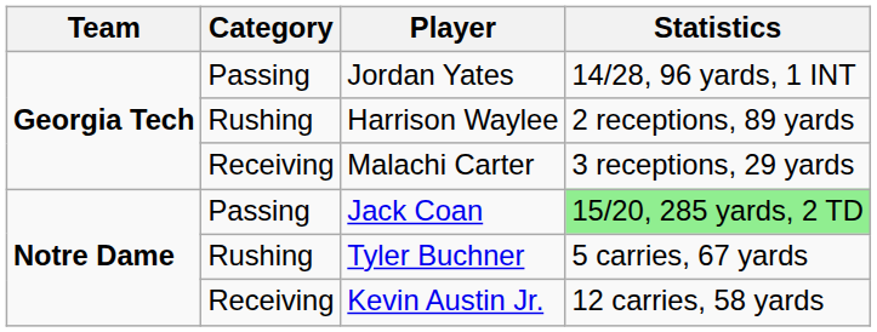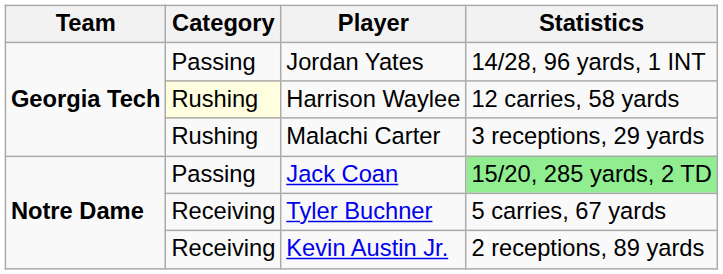 <table class="wikitable" style="float: right;">
 <tr>
 <th>Team</th>
 <th>Category</th>
 <th>Player</th>
 <th>Statistics</th>
 </tr>
 <tr>
 <td rowspan=3><strong>Georgia Tech</strong></td>
 <td>Passing</td>
 <td>Jordan Yates</td>
 <td>14/28, 96 yards, 1 INT</td>
 </tr>
 <tr>
-<td>Rushing</td>
+<td style="background: lightyellow;">Rushing</td>
 <td>Harrison Waylee</td>
-<td>2 receptions, 89 yards</td>
+<td>12 carries, 58 yards</td>
 </tr>
 <tr>
-<td>Receiving</td>
+<td>Rushing</td>
 <td>Malachi Carter</td>
 <td>3 receptions, 29 yards</td>
 </tr>
 <tr>
 <td rowspan=3><strong>Notre Dame</strong></td>
 <td>Passing</td>
 <td><a href='#'>Jack Coan</a></td>
 <td style="background: lightgreen;">15/20, 285 yards, 2 TD</td>
 </tr>
 <tr>
-<td>Rushing</td>
+<td>Receiving</td>
 <td><a href='#'>Tyler Buchner</a></td>
 <td>5 carries, 67 yards</td>
 </tr>
 <tr>
 <td>Receiving</td>
 <td><a href='#'>Kevin Austin Jr.</a></td>
-<td>12 carries, 58 yards</td>
+<td>2 receptions, 89 yards</td>
 </tr>
 </table>
